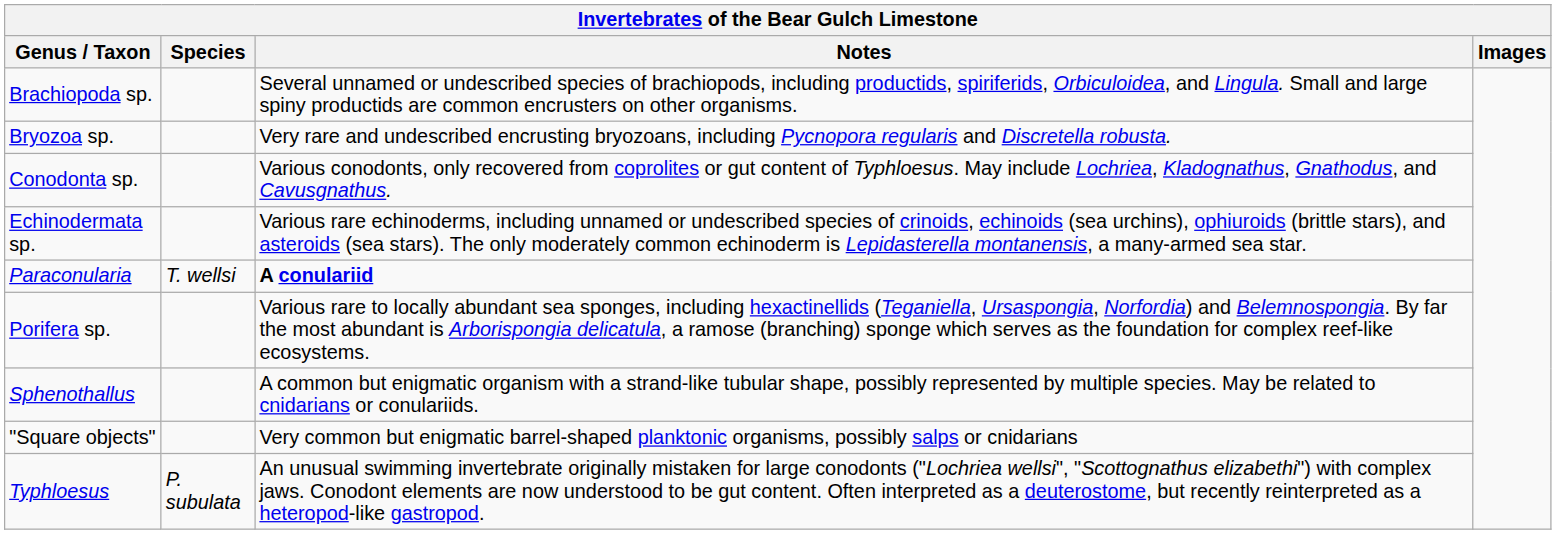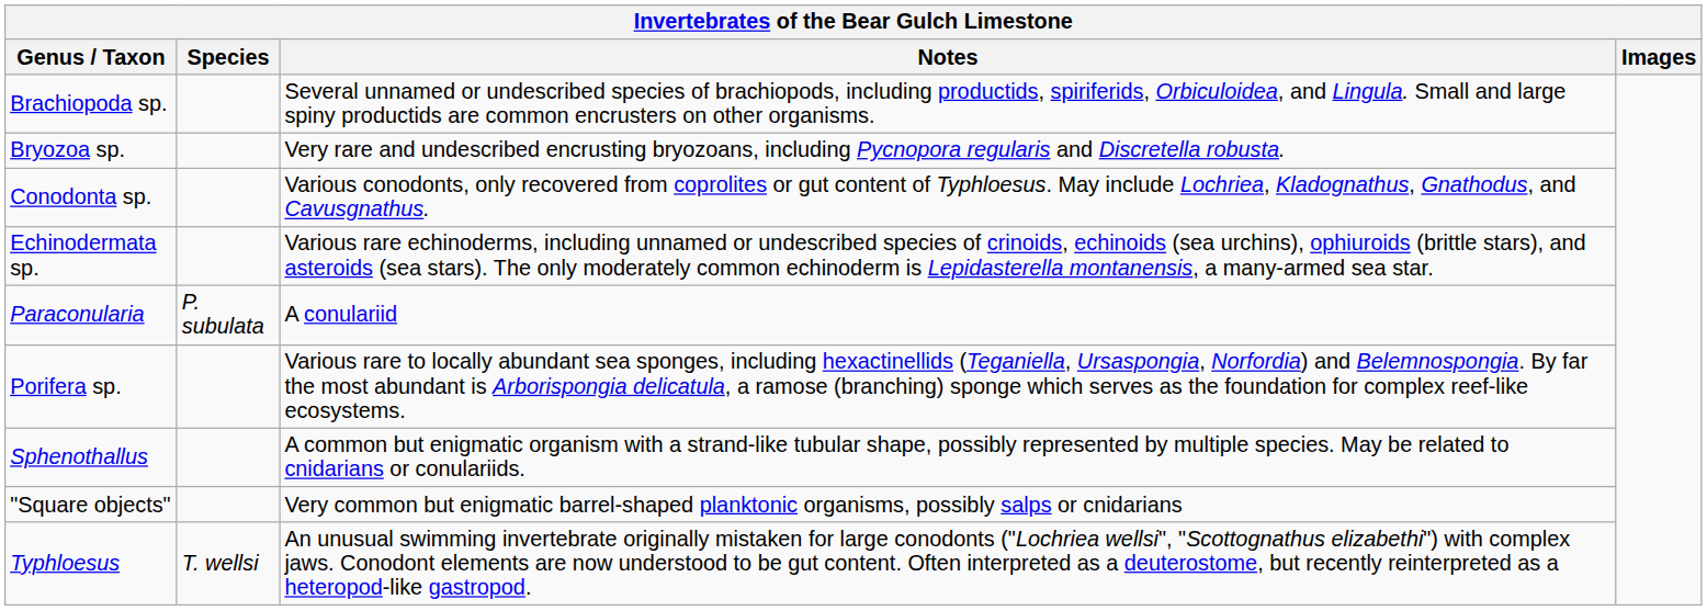 <table class="wikitable" align="center">
 <tr>
 <th colspan="4" align="center"><strong><a href='#'>Invertebrates</a> of the Bear Gulch Limestone</strong></th>
 </tr>
 <tr>
 <th>Genus / Taxon</th>
 <th>Species</th>
 <th>Notes</th>
 <th>Images</th>
 </tr>
 <tr>
 <td><a href='#'>Brachiopoda</a> sp.</td>
 <td></td>
 <td>Several unnamed or undescribed species of brachiopods, including <a href='#'>productids</a>, <a href='#'>spiriferids</a>, <em><a href='#'>Orbiculoidea</a></em>, and <em><a href='#'>Lingula</a>.</em> Small and large spiny productids are common encrusters on other organisms.</td>
 <td rowspan="107"><br>  </td>
 </tr>
 <tr>
 <td><a href='#'>Bryozoa</a> sp.</td>
 <td></td>
 <td>Very rare and undescribed encrusting bryozoans, including <em><a href='#'>Pycnopora regularis</a></em> and <em><a href='#'>Discretella robusta</a>.</em></td>
 </tr>
 <tr>
 <td><a href='#'>Conodonta</a> sp.</td>
 <td></td>
 <td>Various conodonts, only recovered from <a href='#'>coprolites</a> or gut content of <em>Typhloesus</em>. May include <em><a href='#'>Lochriea</a></em>, <em><a href='#'>Kladognathus</a></em>, <em><a href='#'>Gnathodus</a></em>, and <em><a href='#'>Cavusgnathus</a>.</em></td>
 </tr>
 <tr>
 <td><a href='#'>Echinodermata</a> sp.</td>
 <td></td>
 <td>Various rare echinoderms, including unnamed or undescribed species of <a href='#'>crinoids</a>, <a href='#'>echinoids</a> (sea urchins), <a href='#'>ophiuroids</a> (brittle stars), and <a href='#'>asteroids</a> (sea stars). The only moderately common echinoderm is <em><a href='#'>Lepidasterella montanensis</a></em>, a many-armed sea star.</td>
 </tr>
 <tr>
 <td><em><a href='#'>Paraconularia</a></em></td>
-<td><em>T. wellsi</em></td>
-<td><strong>A <a href='#'>conulariid</a></strong></td>
+<td><em>P. subulata</em></td>
+<td>A <a href='#'>conulariid</a></td>
 </tr>
 <tr>
 <td><a href='#'>Porifera</a> sp.</td>
 <td></td>
 <td>Various rare to locally abundant sea sponges, including <a href='#'>hexactinellids</a> (<em><a href='#'>Teganiella</a></em>, <em><a href='#'>Ursaspongia</a></em>, <em><a href='#'>Norfordia</a></em>) and <em><a href='#'>Belemnospongia</a></em>. By far the most abundant is <em><a href='#'>Arborispongia delicatula</a></em>, a ramose (branching) sponge which serves as the foundation for complex reef-like ecosystems.</td>
 </tr>
 <tr>
 <td><em><a href='#'>Sphenothallus</a></em></td>
 <td></td>
 <td>A common but enigmatic organism with a strand-like tubular shape, possibly represented by multiple species. May be related to <a href='#'>cnidarians</a> or conulariids.</td>
 </tr>
 <tr>
 <td>"Square objects"</td>
 <td></td>
 <td>Very common but enigmatic barrel-shaped <a href='#'>planktonic</a> organisms, possibly <a href='#'>salps</a> or cnidarians</td>
 </tr>
 <tr>
 <td><em><a href='#'>Typhloesus</a></em></td>
-<td><em>P. subulata</em></td>
+<td><em>T. wellsi</em></td>
 <td>An unusual swimming invertebrate originally mistaken for large conodonts ("<em>Lochriea wellsi</em>", "<em>Scottognathus elizabethi</em>") with complex jaws. Conodont elements are now understood to be gut content. Often interpreted as a <a href='#'>deuterostome</a>, but recently reinterpreted as a <a href='#'>heteropod</a>-like <a href='#'>gastropod</a>.</td>
 </tr>
 </table>
